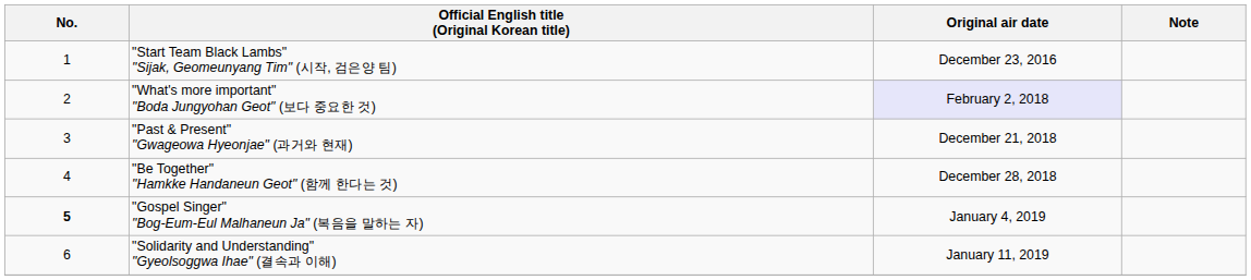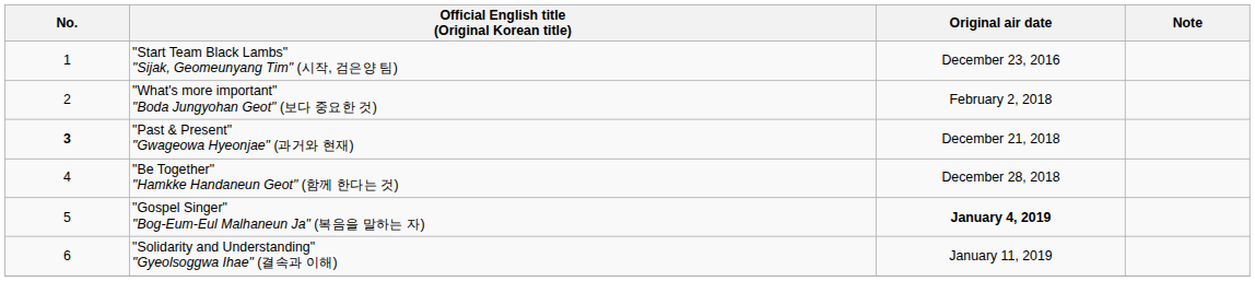 <table class="wikitable" style="text-align:center">
 <tr>
 <th style="width:5%">No.</th>
 <th style="width:30%">Official English title<br>(Original Korean title)</th>
 <th style="width:10%">Original air date</th>
 <th style="width:5%">Note</th>
 </tr>
 <tr>
 <td>1</td>
 <td align="left">"Start Team Black Lambs"<br><em>"Sijak, Geomeunyang Tim"</em> (시작, 검은양 팀)</td>
 <td>December 23, 2016</td>
 <td></td>
 </tr>
 <tr>
 <td>2</td>
 <td align="left">"What's more important"<br><em>"Boda Jungyohan Geot"</em> (보다 중요한 것)</td>
-<td style="background: lavender;">February 2, 2018</td>
+<td>February 2, 2018</td>
 <td></td>
 </tr>
 <tr>
-<td>3</td>
+<td><strong>3</strong></td>
 <td align="left">"Past & Present"<br><em>"Gwageowa Hyeonjae"</em> (과거와 현재)</td>
 <td>December 21, 2018</td>
 <td></td>
 </tr>
 <tr>
 <td>4</td>
 <td align="left">"Be Together"<br><em>"Hamkke Handaneun Geot"</em> (함께 한다는 것)</td>
 <td>December 28, 2018</td>
 <td></td>
 </tr>
 <tr>
-<td><strong>5</strong></td>
+<td>5</td>
 <td align="left">"Gospel Singer"<br><em>"Bog-Eum-Eul Malhaneun Ja"</em> (복음을 말하는 자)</td>
-<td>January 4, 2019</td>
+<td><strong>January 4, 2019</strong></td>
 <td></td>
 </tr>
 <tr>
 <td>6</td>
 <td align="left">"Solidarity and Understanding"<br><em>"Gyeolsoggwa Ihae"</em> (결속과 이해)</td>
 <td>January 11, 2019</td>
 <td></td>
 </tr>
 <tr>
 </tr>
 </table>
